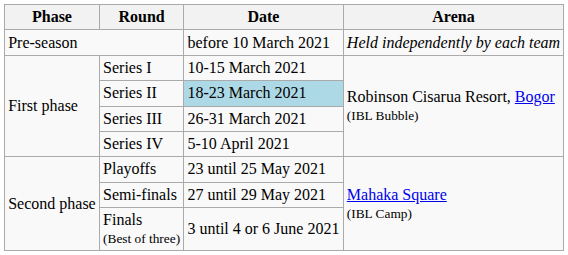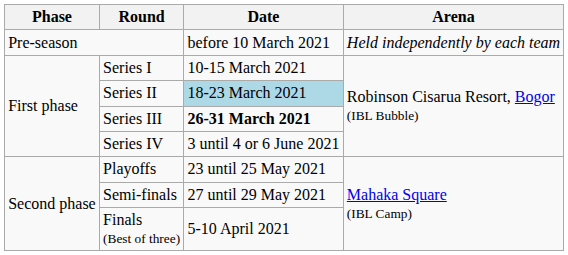 <table class="wikitable">
 <tr>
 <th>Phase</th>
 <th>Round</th>
 <th>Date</th>
 <th>Arena</th>
 </tr>
 <tr>
 <td colspan="2">Pre-season</td>
 <td>before 10 March 2021</td>
 <td><em>Held independently by each team</em></td>
 </tr>
 <tr>
 <td rowspan="4">First phase</td>
 <td>Series I</td>
 <td>10-15 March 2021</td>
 <td rowspan="4">Robinson Cisarua Resort, <a href='#'>Bogor</a><br><small>(IBL Bubble)</small></td>
 </tr>
 <tr>
 <td>Series II</td>
 <td style="background: lightblue;">18-23 March 2021</td>
 </tr>
 <tr>
 <td>Series III</td>
-<td>26-31 March 2021</td>
+<td><strong>26-31 March 2021</strong></td>
 </tr>
 <tr>
 <td>Series IV</td>
-<td>5-10 April 2021</td>
+<td>3 until 4 or 6 June 2021</td>
 </tr>
 <tr>
 <td rowspan="6">Second phase</td>
 <td>Playoffs</td>
 <td>23 until 25 May 2021</td>
 <td rowspan="3"><a href='#'>Mahaka Square</a><br><small>(IBL Camp)</small></td>
 </tr>
 <tr>
 <td>Semi-finals</td>
 <td>27 until 29 May 2021</td>
 </tr>
 <tr>
 <td>Finals<br><small>(Best of three)</small></td>
-<td>3 until 4 or 6 June 2021</td>
+<td>5-10 April 2021</td>
 </tr>
 </table>
